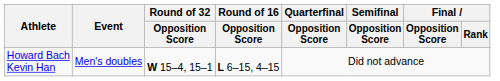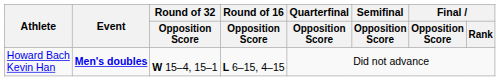 <table class=wikitable style=font-size:90%;text-align:center>
 <tr>
 <th rowspan=2>Athlete</th>
 <th rowspan=2>Event</th>
 <th>Round of 32</th>
 <th>Round of 16</th>
 <th>Quarterfinal</th>
 <th>Semifinal</th>
 <th colspan=2>Final / </th>
 </tr>
 <tr style=font-size:95%>
 <th>Opposition<br>Score</th>
 <th>Opposition<br>Score</th>
 <th>Opposition<br>Score</th>
 <th>Opposition<br>Score</th>
 <th>Opposition<br>Score</th>
 <th>Rank</th>
 </tr>
 <tr>
 <td align=left><a href='#'>Howard Bach</a><br><a href='#'>Kevin Han</a></td>
-<td align=left><a href='#'>Men's doubles</a></td>
+<td align=left><strong><a href='#'>Men's doubles</a></strong></td>
 <td><br><strong>W</strong> 15–4, 15–1</td>
 <td><br><strong>L</strong> 6–15, 4–15</td>
 <td colspan=4>Did not advance</td>
 </tr>
 </table>
